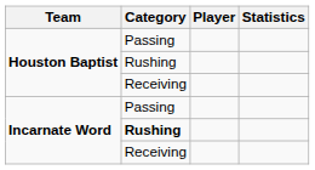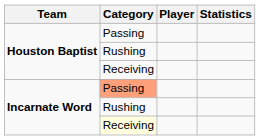 <table class="wikitable" style="float: left;">
 <tr>
 <th>Team</th>
 <th>Category</th>
 <th>Player</th>
 <th>Statistics</th>
 </tr>
 <tr>
 <td rowspan=3><strong>Houston Baptist</strong></td>
 <td>Passing</td>
 <td> </td>
 <td> </td>
 </tr>
 <tr>
 <td>Rushing</td>
 <td> </td>
 <td> </td>
 </tr>
 <tr>
 <td>Receiving</td>
 <td> </td>
 <td> </td>
 </tr>
 <tr>
 <td rowspan=3><strong>Incarnate Word</strong></td>
-<td>Passing</td>
+<td style="background: lightsalmon;">Passing</td>
 <td> </td>
 <td> </td>
 </tr>
 <tr>
-<td><strong>Rushing</strong></td>
+<td>Rushing</td>
 <td> </td>
 <td> </td>
 </tr>
 <tr>
-<td>Receiving</td>
+<td style="background: lightyellow;">Receiving</td>
 <td> </td>
 <td> </td>
 </tr>
 </table>
